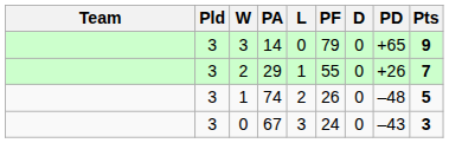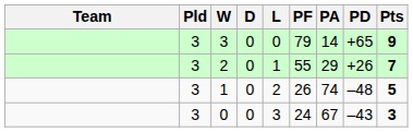 <table class="wikitable" style="text-align:center;">
 <tr>
 <th width=175>Team</th>
 <th width=20 abbr="Played">Pld</th>
 <th width=20 abbr="Won">W</th>
-<th width=20 abbr="Points against">PA</th>
+<th width=20 abbr="Drawn">D</th>
 <th width=20 abbr="Lost">L</th>
 <th width=20 abbr="Points for">PF</th>
-<th width=20 abbr="Drawn">D</th>
+<th width=20 abbr="Points against">PA</th>
 <th width=25 abbr="Points difference">PD</th>
 <th width=20 abbr="Points">Pts</th>
 </tr>
 <tr bgcolor=ccffcc>
 <td style="text-align:left;"></td>
 <td>3</td>
 <td>3</td>
-<td>14</td>
+<td>0</td>
 <td>0</td>
 <td>79</td>
-<td>0</td>
+<td>14</td>
 <td>+65</td>
 <td><strong>9</strong></td>
 </tr>
 <tr bgcolor=ccffcc>
 <td style="text-align:left;"></td>
 <td>3</td>
 <td>2</td>
-<td>29</td>
+<td>0</td>
 <td>1</td>
 <td>55</td>
-<td>0</td>
+<td>29</td>
 <td>+26</td>
 <td><strong>7</strong></td>
 </tr>
 <tr>
 <td style="text-align:left;"></td>
 <td>3</td>
 <td>1</td>
-<td>74</td>
+<td>0</td>
 <td>2</td>
 <td>26</td>
-<td>0</td>
+<td>74</td>
 <td>–48</td>
 <td><strong>5</strong></td>
 </tr>
 <tr>
 <td style="text-align:left;"></td>
 <td>3</td>
 <td>0</td>
-<td>67</td>
+<td>0</td>
 <td>3</td>
 <td>24</td>
-<td>0</td>
+<td>67</td>
 <td>–43</td>
 <td><strong>3</strong></td>
 </tr>
 </table>
